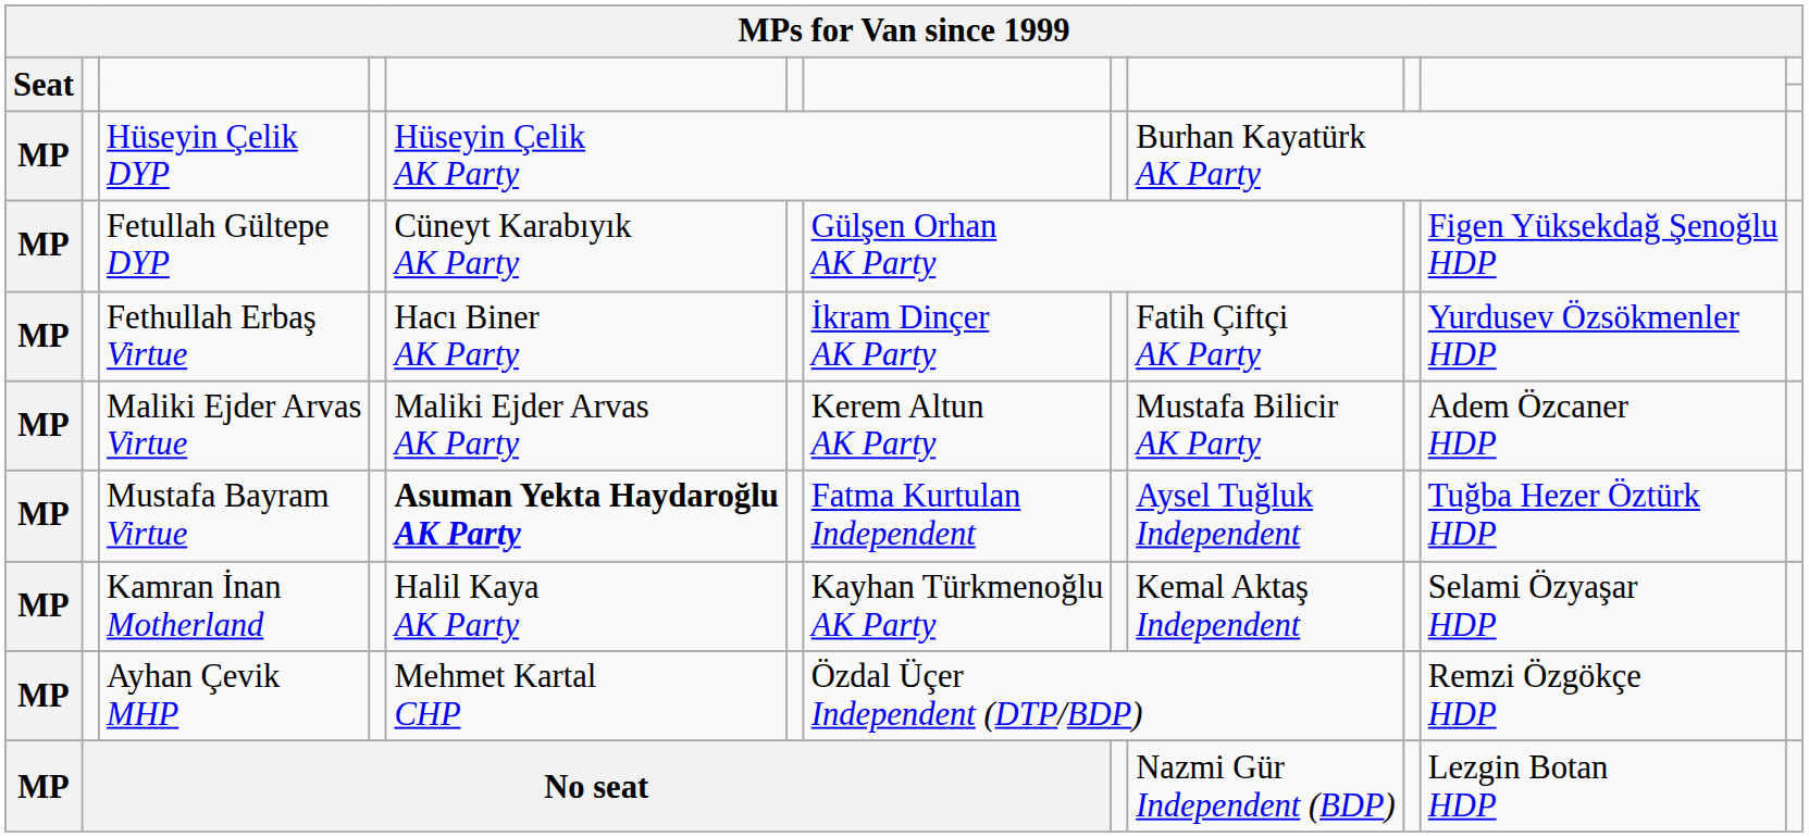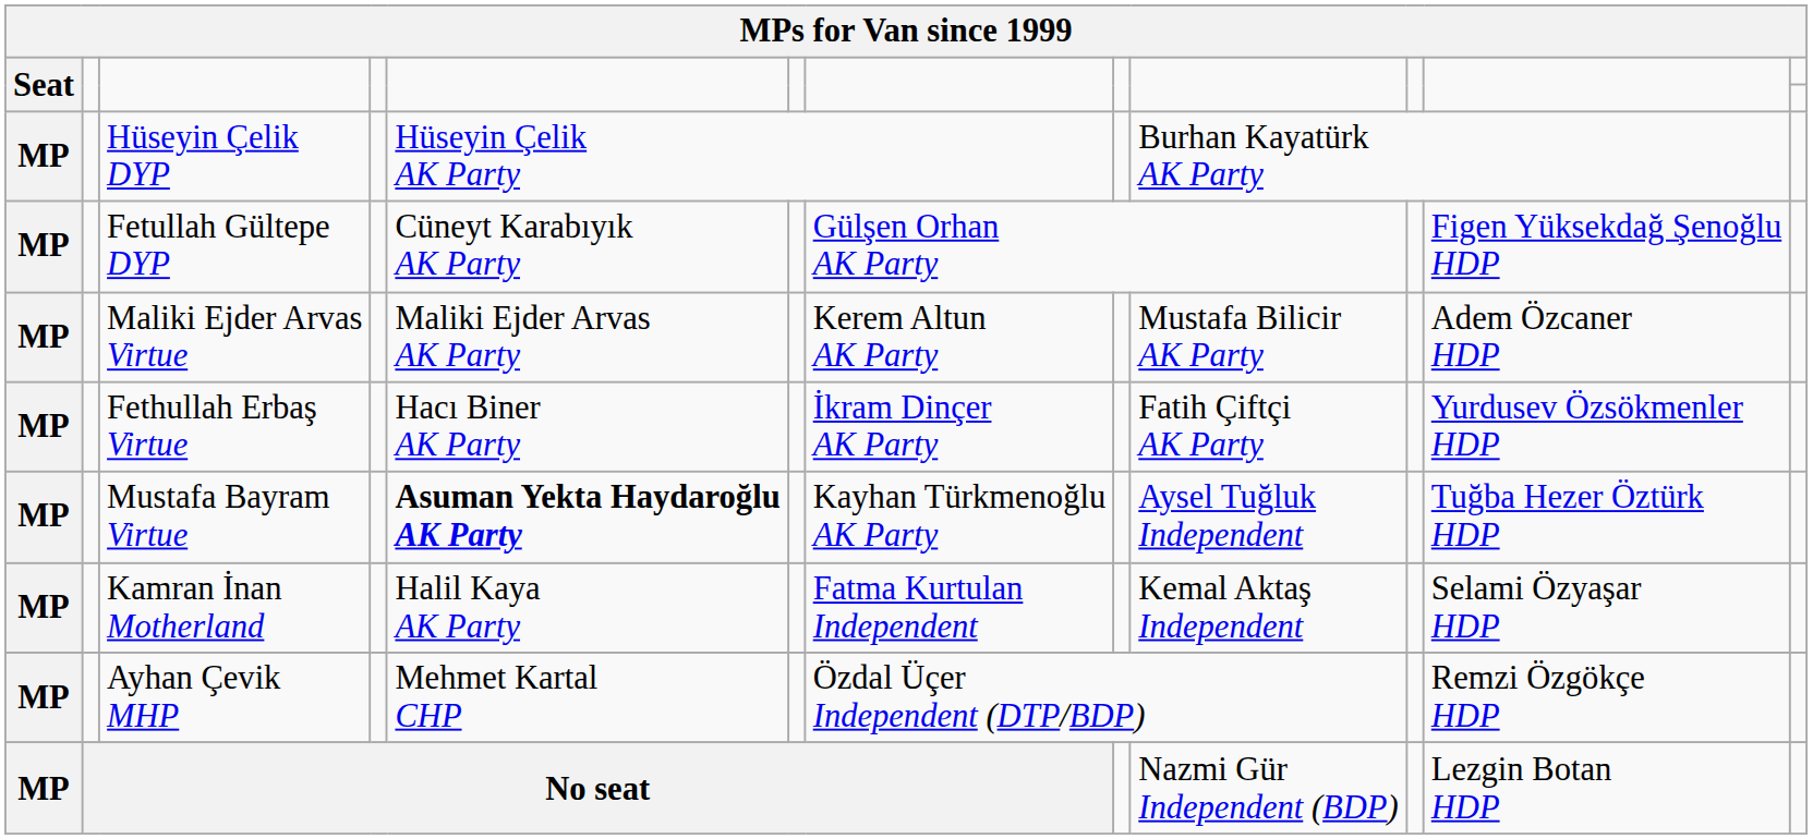 <table class="wikitable">
 <tr>
 <th colspan = 12>MPs for Van since 1999</th>
 </tr>
 <tr>
 <th rowspan = 2>Seat</th>
 <td rowspan="2" style="width:1px;"></td>
 <td rowspan = 2></td>
 <td rowspan="2" style="width:1px;"></td>
 <td rowspan = 2></td>
 <td rowspan="2" style="width:1px;"></td>
 <td rowspan = 2></td>
 <td rowspan="2" style="width:1px;"></td>
 <td rowspan = 2></td>
 <td rowspan="2" style="width:1px;"></td>
 <td rowspan = 2></td>
 <td></td>
 </tr>
 <tr>
 <td></td>
 </tr>
 <tr>
 <th>MP</th>
 <td width=1px style="background-color: "></td>
 <td colspan = 1><a href='#'>Hüseyin Çelik</a><br><em><a href='#'>DYP</a></em></td>
 <td width=1px style="background-color: "></td>
 <td colspan = 3><a href='#'>Hüseyin Çelik</a><br><em><a href='#'>AK Party</a></em></td>
 <td width=1px style="background-color: "></td>
 <td colspan = 3>Burhan Kayatürk<br><em><a href='#'>AK Party</a></em></td>
 <td width=1px style="background-color: "></td>
 </tr>
 <tr>
 <th>MP</th>
 <td width=1px style="background-color: "></td>
 <td colspan = 1>Fetullah Gültepe<br><em><a href='#'>DYP</a></em></td>
 <td width=1px style="background-color: "></td>
 <td colspan = 1>Cüneyt Karabıyık<br><em><a href='#'>AK Party</a></em></td>
 <td width=1px style="background-color: "></td>
 <td colspan = 3><a href='#'>Gülşen Orhan</a><br><em><a href='#'>AK Party</a></em></td>
 <td width=1px style="background-color: "></td>
 <td colspan = 1><a href='#'>Figen Yüksekdağ Şenoğlu</a><br><em><a href='#'>HDP</a></em></td>
 <td width=1px style="background-color: "></td>
 </tr>
 <tr>
 <th>MP</th>
 <td width=1px style="background-color: "></td>
+<td colspan = 1>Maliki Ejder Arvas<br><em><a href='#'>Virtue</a></em></td>
+<td width=1px style="background-color: "></td>
+<td colspan = 1>Maliki Ejder Arvas<br><em><a href='#'>AK Party</a></em></td>
+<td width=1px style="background-color: "></td>
+<td colspan = 1>Kerem Altun<br><em><a href='#'>AK Party</a></em></td>
+<td width=1px style="background-color: "></td>
+<td colspan = 1>Mustafa Bilicir<br><em><a href='#'>AK Party</a></em></td>
+<td width=1px style="background-color: "></td>
+<td colspan = 1>Adem Özcaner<br><em><a href='#'>HDP</a></em></td>
+<td width=1px style="background-color: "></td>
+</tr>
+<tr>
+<th>MP</th>
+<td width=1px style="background-color: "></td>
 <td colspan = 1>Fethullah Erbaş<br><em><a href='#'>Virtue</a></em></td>
 <td width=1px style="background-color: "></td>
 <td colspan = 1>Hacı Biner<br><em><a href='#'>AK Party</a></em></td>
 <td width=1px style="background-color: "></td>
 <td colspan = 1><a href='#'>İkram Dinçer</a><br><em><a href='#'>AK Party</a></em></td>
 <td width=1px style="background-color: "></td>
 <td colspan = 1>Fatih Çiftçi<br><em><a href='#'>AK Party</a></em></td>
 <td width=1px style="background-color: "></td>
 <td colspan = 1><a href='#'>Yurdusev Özsökmenler</a><br><em><a href='#'>HDP</a></em></td>
 <td width=1px style="background-color: "></td>
 </tr>
 <tr>
 <th>MP</th>
 <td width=1px style="background-color: "></td>
-<td colspan = 1>Maliki Ejder Arvas<br><em><a href='#'>Virtue</a></em></td>
-<td width=1px style="background-color: "></td>
-<td colspan = 1>Maliki Ejder Arvas<br><em><a href='#'>AK Party</a></em></td>
-<td width=1px style="background-color: "></td>
-<td colspan = 1>Kerem Altun<br><em><a href='#'>AK Party</a></em></td>
-<td width=1px style="background-color: "></td>
-<td colspan = 1>Mustafa Bilicir<br><em><a href='#'>AK Party</a></em></td>
-<td width=1px style="background-color: "></td>
-<td colspan = 1>Adem Özcaner<br><em><a href='#'>HDP</a></em></td>
-<td width=1px style="background-color: "></td>
-</tr>
-<tr>
-<th>MP</th>
-<td width=1px style="background-color: "></td>
 <td colspan = 1>Mustafa Bayram<br><em><a href='#'>Virtue</a></em></td>
 <td width=1px style="background-color: "></td>
 <td colspan = 1><strong>Asuman Yekta Haydaroğlu<br><em><a href='#'>AK Party</a></em></strong></td>
 <td width=1px style="background-color: "></td>
-<td colspan = 1><a href='#'>Fatma Kurtulan</a><br><em><a href='#'>Independent</a></em></td>
+<td colspan = 1>Kayhan Türkmenoğlu<br><em><a href='#'>AK Party</a></em></td>
 <td width=1px style="background-color: "></td>
 <td colspan = 1><a href='#'>Aysel Tuğluk</a><br><em><a href='#'>Independent</a></em></td>
 <td width=1px style="background-color: "></td>
 <td colspan = 1><a href='#'>Tuğba Hezer Öztürk</a><br><em><a href='#'>HDP</a></em></td>
 <td width=1px style="background-color: "></td>
 </tr>
 <tr>
 <th>MP</th>
 <td width=1px style="background-color: "></td>
 <td colspan = 1>Kamran İnan<br><em><a href='#'>Motherland</a></em></td>
 <td width=1px style="background-color: "></td>
 <td colspan = 1>Halil Kaya<br><em><a href='#'>AK Party</a></em></td>
 <td width=1px style="background-color: "></td>
-<td colspan = 1>Kayhan Türkmenoğlu<br><em><a href='#'>AK Party</a></em></td>
+<td colspan = 1><a href='#'>Fatma Kurtulan</a><br><em><a href='#'>Independent</a></em></td>
 <td width=1px style="background-color: "></td>
 <td colspan = 1>Kemal Aktaş<br><em><a href='#'>Independent</a></em></td>
 <td width=1px style="background-color: "></td>
 <td colspan = 1>Selami Özyaşar<br><em><a href='#'>HDP</a></em></td>
 <td width=1px style="background-color: "></td>
 </tr>
 <tr>
 <th>MP</th>
 <td width=1px style="background-color: "></td>
 <td colspan = 1>Ayhan Çevik<br><em><a href='#'>MHP</a></em></td>
 <td width=1px style="background-color: "></td>
 <td colspan = 1>Mehmet Kartal<br><em><a href='#'>CHP</a></em></td>
 <td width=1px style="background-color: "></td>
 <td colspan = 3>Özdal Üçer<br><em><a href='#'>Independent</a> (<a href='#'>DTP</a>/<a href='#'>BDP</a>)</em></td>
 <td width=1px style="background-color: "></td>
 <td colspan = 1>Remzi Özgökçe<br><em><a href='#'>HDP</a></em></td>
 <td width=1px style="background-color: "></td>
 </tr>
 <tr>
 <th>MP</th>
 <th colspan = 6>No seat</th>
 <td width=1px style="background-color: "></td>
 <td colspan = 1>Nazmi Gür<br><em><a href='#'>Independent</a> (<a href='#'>BDP</a>)</em></td>
 <td width=1px style="background-color: "></td>
 <td colspan = 1>Lezgin Botan<br><em><a href='#'>HDP</a></em></td>
 <td width=1px style="background-color: "></td>
 </tr>
 </table>
